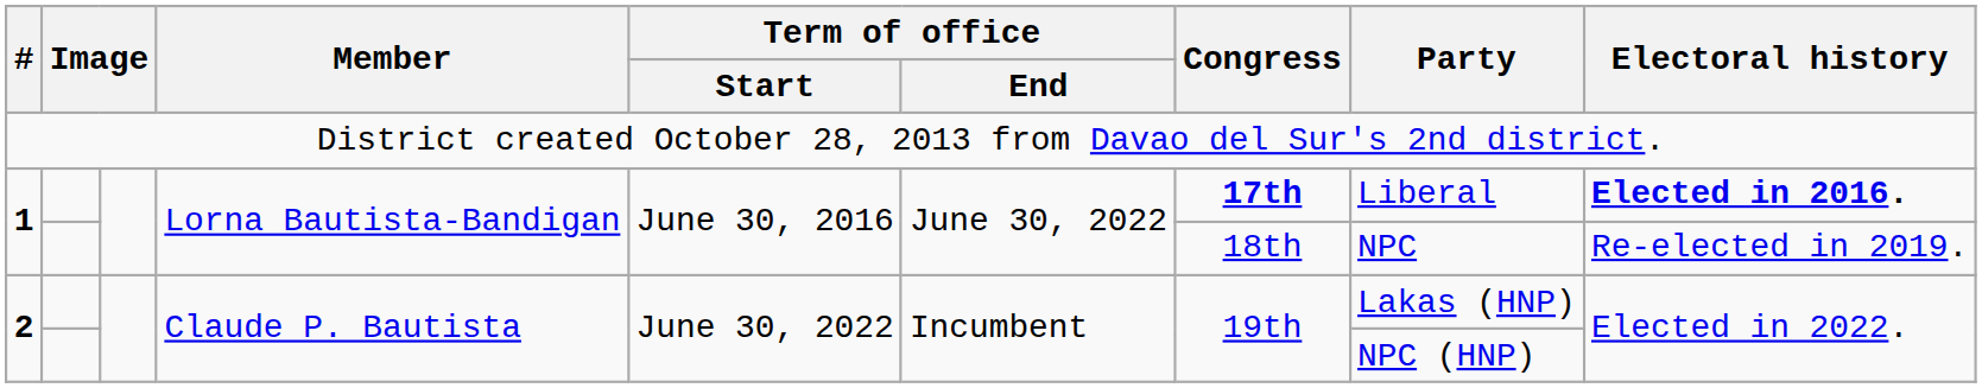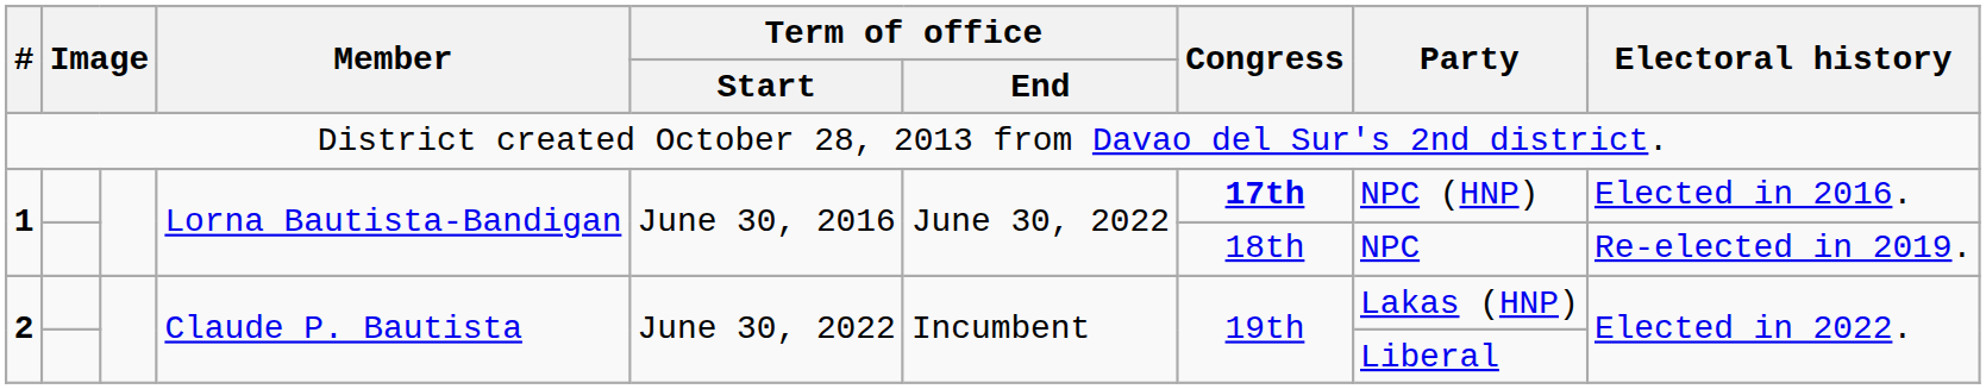 <table class="wikitable">
 <tr>
 <th rowspan="2">#</th>
 <th colspan="2" rowspan="2">Image</th>
 <th rowspan="2">Member</th>
 <th colspan="2">Term of office</th>
 <th rowspan="2">Congress</th>
 <th rowspan="2">Party</th>
 <th rowspan="2">Electoral history</th>
 </tr>
 <tr>
 <th>Start</th>
 <th>End</th>
 </tr>
 <tr>
 <td colspan="10" style="text-align:center;">District created October 28, 2013 from <a href='#'>Davao del Sur's 2nd district</a>.</td>
 </tr>
 <tr>
 <td rowspan="2"><strong>1</strong></td>
 <td style="color:inherit;background:"></td>
 <td rowspan="2"></td>
 <td rowspan="2"><a href='#'>Lorna Bautista-Bandigan</a></td>
 <td rowspan="2">June 30, 2016</td>
 <td rowspan="2">June 30, 2022</td>
 <td style="text-align:center;"><strong><a href='#'>17th</a></strong></td>
-<td><a href='#'>Liberal</a></td>
-<td><strong><a href='#'>Elected in 2016</a>.</strong></td>
+<td><a href='#'>NPC</a> (<a href='#'>HNP</a>)</td>
+<td><a href='#'>Elected in 2016</a>.</td>
 </tr>
 <tr>
 <td style="color:inherit;background:"></td>
 <td style="text-align:center;"><a href='#'>18th</a></td>
 <td><a href='#'>NPC</a></td>
 <td><a href='#'>Re-elected in 2019</a>.</td>
 </tr>
 <tr>
 <td rowspan="2"><strong>2</strong></td>
 <td style="color:inherit;background:"></td>
 <td rowspan="2"></td>
 <td rowspan="2"><a href='#'>Claude P. Bautista</a></td>
 <td rowspan="2">June 30, 2022</td>
 <td rowspan="2">Incumbent</td>
 <td style="text-align:center;" rowspan="2"><a href='#'>19th</a></td>
 <td><a href='#'>Lakas</a> (<a href='#'>HNP</a>)</td>
 <td rowspan="2"><a href='#'>Elected in 2022</a>.</td>
 </tr>
 <tr>
 <td style="color:inherit;background:"></td>
-<td><a href='#'>NPC</a> (<a href='#'>HNP</a>)</td>
+<td><a href='#'>Liberal</a></td>
 </tr>
 </table>
